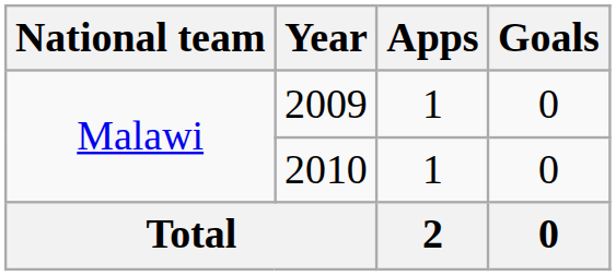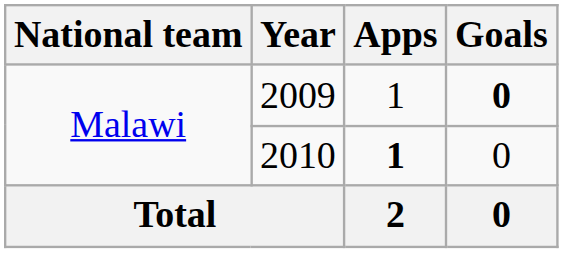 <table class="wikitable" style="text-align:center">
 <tr>
 <th>National team</th>
 <th>Year</th>
 <th>Apps</th>
 <th>Goals</th>
 </tr>
 <tr>
 <td rowspan="2"><a href='#'>Malawi</a></td>
 <td>2009</td>
 <td>1</td>
-<td>0</td>
+<td><strong>0</strong></td>
 </tr>
 <tr>
 <td>2010</td>
-<td>1</td>
+<td><strong>1</strong></td>
 <td>0</td>
 </tr>
 <tr>
 <th colspan=2>Total</th>
 <th>2</th>
 <th>0</th>
 </tr>
 </table>
